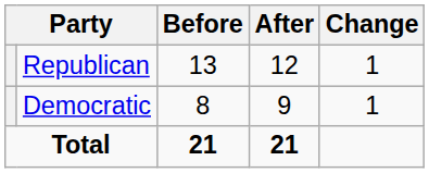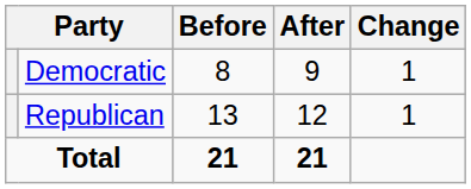 <table class="wikitable" style="text-align:center;">
 <tr>
 <th colspan="2">Party</th>
 <th>Before</th>
 <th>After</th>
 <th>Change</th>
 </tr>
 <tr>
 <th style="background-color:"></th>
-<td style="text-align:left;"><a href='#'>Republican</a></td>
-<td>13</td>
-<td>12</td>
+<td style="text-align:left;"><a href='#'>Democratic</a></td>
+<td>8</td>
+<td>9</td>
 <td> 1</td>
 </tr>
 <tr>
 <th style="background-color:"></th>
-<td style="text-align:left;"><a href='#'>Democratic</a></td>
-<td>8</td>
-<td>9</td>
+<td style="text-align:left;"><a href='#'>Republican</a></td>
+<td>13</td>
+<td>12</td>
 <td> 1</td>
 </tr>
 <tr>
 <td colspan="2"><strong>Total</strong></td>
 <td><strong>21</strong></td>
 <td><strong>21</strong></td>
 <td></td>
 </tr>
 </table>
